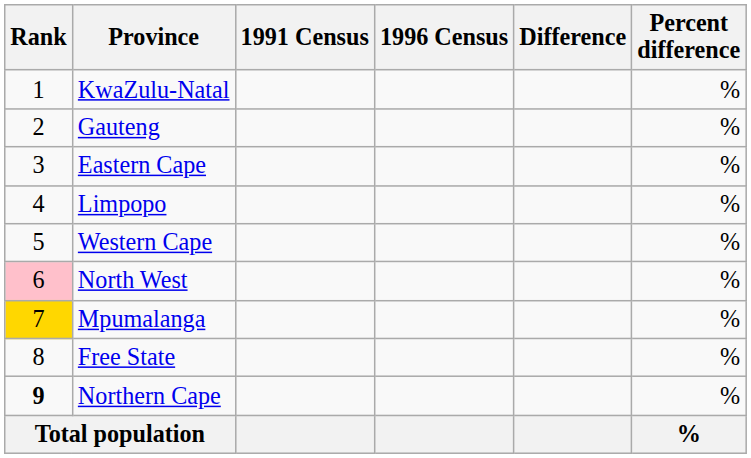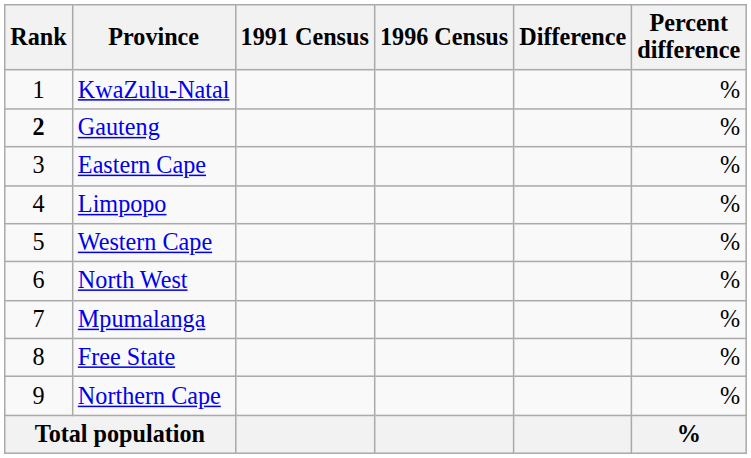 <table class="wikitable sortable" style="text-align: right;">
 <tr>
 <th data-sort-type="number">Rank</th>
 <th>Province</th>
 <th>1991 Census</th>
 <th>1996 Census</th>
 <th data-sort-type="number">Difference</th>
 <th data-sort-type="number">Percent<br>difference</th>
 </tr>
 <tr>
 <td style="text-align: center;">1</td>
 <td style="text-align: left;"><a href='#'>KwaZulu-Natal</a></td>
 <td></td>
 <td></td>
 <td></td>
 <td>%</td>
 </tr>
 <tr>
-<td style="text-align: center;">2</td>
+<td style="text-align: center;"><strong>2</strong></td>
 <td style="text-align: left;"><a href='#'>Gauteng</a></td>
 <td></td>
 <td></td>
 <td></td>
 <td>%</td>
 </tr>
 <tr>
 <td style="text-align: center;">3</td>
 <td style="text-align: left;"><a href='#'>Eastern Cape</a></td>
 <td></td>
 <td></td>
 <td></td>
 <td>%</td>
 </tr>
 <tr>
 <td style="text-align: center;">4</td>
 <td style="text-align: left;"><a href='#'>Limpopo</a></td>
 <td></td>
 <td></td>
 <td></td>
 <td>%</td>
 </tr>
 <tr>
 <td style="text-align: center;">5</td>
 <td style="text-align: left;"><a href='#'>Western Cape</a></td>
 <td></td>
 <td></td>
 <td></td>
 <td>%</td>
 </tr>
 <tr>
-<td style="background: pink; text-align: center;">6</td>
+<td style="text-align: center;">6</td>
 <td style="text-align: left;"><a href='#'>North West</a></td>
 <td></td>
 <td></td>
 <td></td>
 <td>%</td>
 </tr>
 <tr>
-<td style="background: gold; text-align: center;">7</td>
+<td style="text-align: center;">7</td>
 <td style="text-align: left;"><a href='#'>Mpumalanga</a></td>
 <td></td>
 <td></td>
 <td></td>
 <td>%</td>
 </tr>
 <tr>
 <td style="text-align: center;">8</td>
 <td style="text-align: left;"><a href='#'>Free State</a></td>
 <td></td>
 <td></td>
 <td></td>
 <td>%</td>
 </tr>
 <tr>
-<td style="text-align: center;"><strong>9</strong></td>
+<td style="text-align: center;">9</td>
 <td style="text-align: left;"><a href='#'>Northern Cape</a></td>
 <td></td>
 <td></td>
 <td></td>
 <td>%</td>
 </tr>
 <tr>
 <th colspan=2>Total population</th>
 <th></th>
 <th></th>
 <th></th>
 <th>%</th>
 </tr>
 </table>
